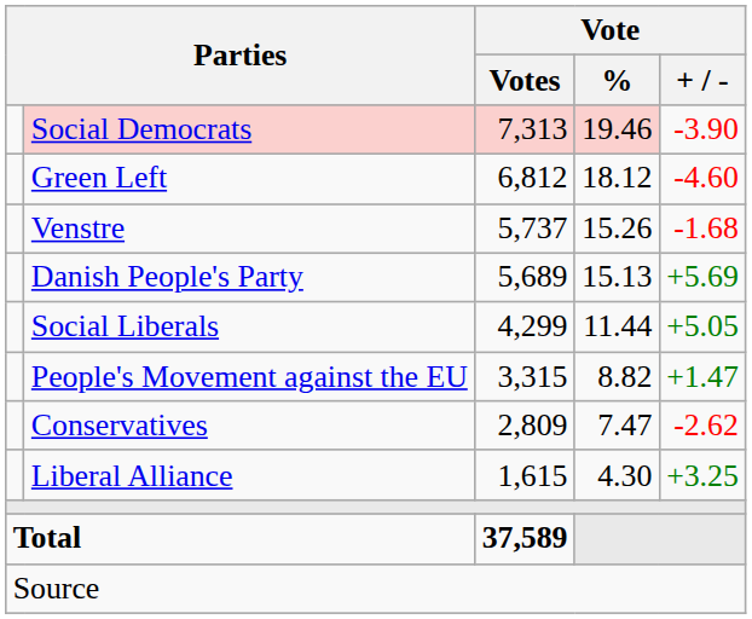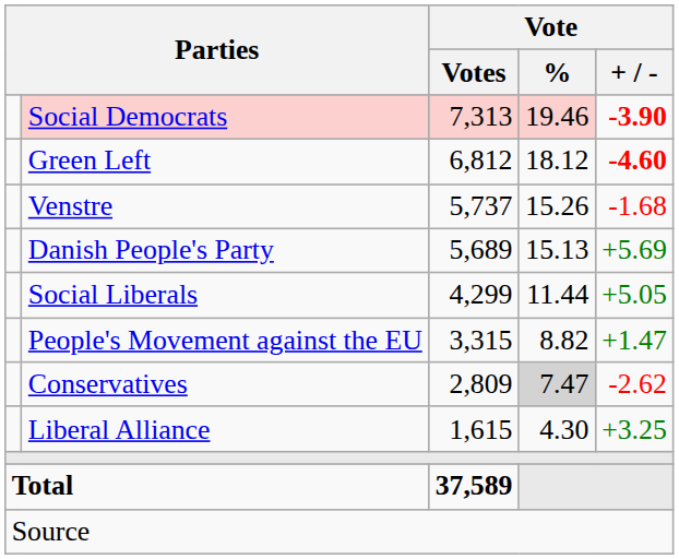 <table class="wikitable" style="text-align:right;">
 <tr>
 <th style="text-align:centre;" rowspan="2" colspan="2" width="225">Parties</th>
 <th colspan="3">Vote</th>
 </tr>
 <tr>
 <th width="15">Votes</th>
 <th width="15">%</th>
 <th width="15">+ / -</th>
 </tr>
 <tr>
 <td width="2" style="color:inherit;background:"></td>
 <td bgcolor=#fbd0ce   align="left"><a href='#'>Social Democrats</a></td>
 <td bgcolor=#fbd0ce>7,313</td>
 <td bgcolor=#fbd0ce>19.46</td>
-<td style=color:red;>-3.90</td>
+<td style=color:red;><strong>-3.90</strong></td>
 </tr>
 <tr>
 <td width="2" style="color:inherit;background:"></td>
 <td align="left"><a href='#'>Green Left</a></td>
 <td>6,812</td>
 <td>18.12</td>
-<td style=color:red;>-4.60</td>
+<td style=color:red;><strong>-4.60</strong></td>
 </tr>
 <tr>
 <td width="2" style="color:inherit;background:"></td>
 <td align="left"><a href='#'>Venstre</a></td>
 <td>5,737</td>
 <td>15.26</td>
 <td style=color:red;>-1.68</td>
 </tr>
 <tr>
 <td width="2" style="color:inherit;background:"></td>
 <td align="left"><a href='#'>Danish People's Party</a></td>
 <td>5,689</td>
 <td>15.13</td>
 <td style=color:green;>+5.69</td>
 </tr>
 <tr>
 <td width="2" style="color:inherit;background:"></td>
 <td align="left"><a href='#'>Social Liberals</a></td>
 <td>4,299</td>
 <td>11.44</td>
 <td style=color:green;>+5.05</td>
 </tr>
 <tr>
 <td width="2" style="color:inherit;background:"></td>
 <td align="left"><a href='#'>People's Movement against the EU</a></td>
 <td>3,315</td>
 <td>8.82</td>
 <td style=color:green;>+1.47</td>
 </tr>
 <tr>
 <td width="2" style="color:inherit;background:"></td>
 <td align="left"><a href='#'>Conservatives</a></td>
 <td>2,809</td>
-<td>7.47</td>
+<td style="background: lightgrey;">7.47</td>
 <td style=color:red;>-2.62</td>
 </tr>
 <tr>
 <td width="2" style="color:inherit;background:"></td>
 <td align="left"><a href='#'>Liberal Alliance</a></td>
 <td>1,615</td>
 <td>4.30</td>
 <td style=color:green;>+3.25</td>
 </tr>
 <tr>
 <td colspan="7" bgcolor="#E9E9E9"></td>
 </tr>
 <tr>
 <td align="left" colspan="2"><strong>Total</strong></td>
 <td><strong>37,589</strong></td>
 <td bgcolor="#E9E9E9" colspan="2"></td>
 </tr>
 <tr>
 <td align="left" colspan="6">Source</td>
 </tr>
 </table>
